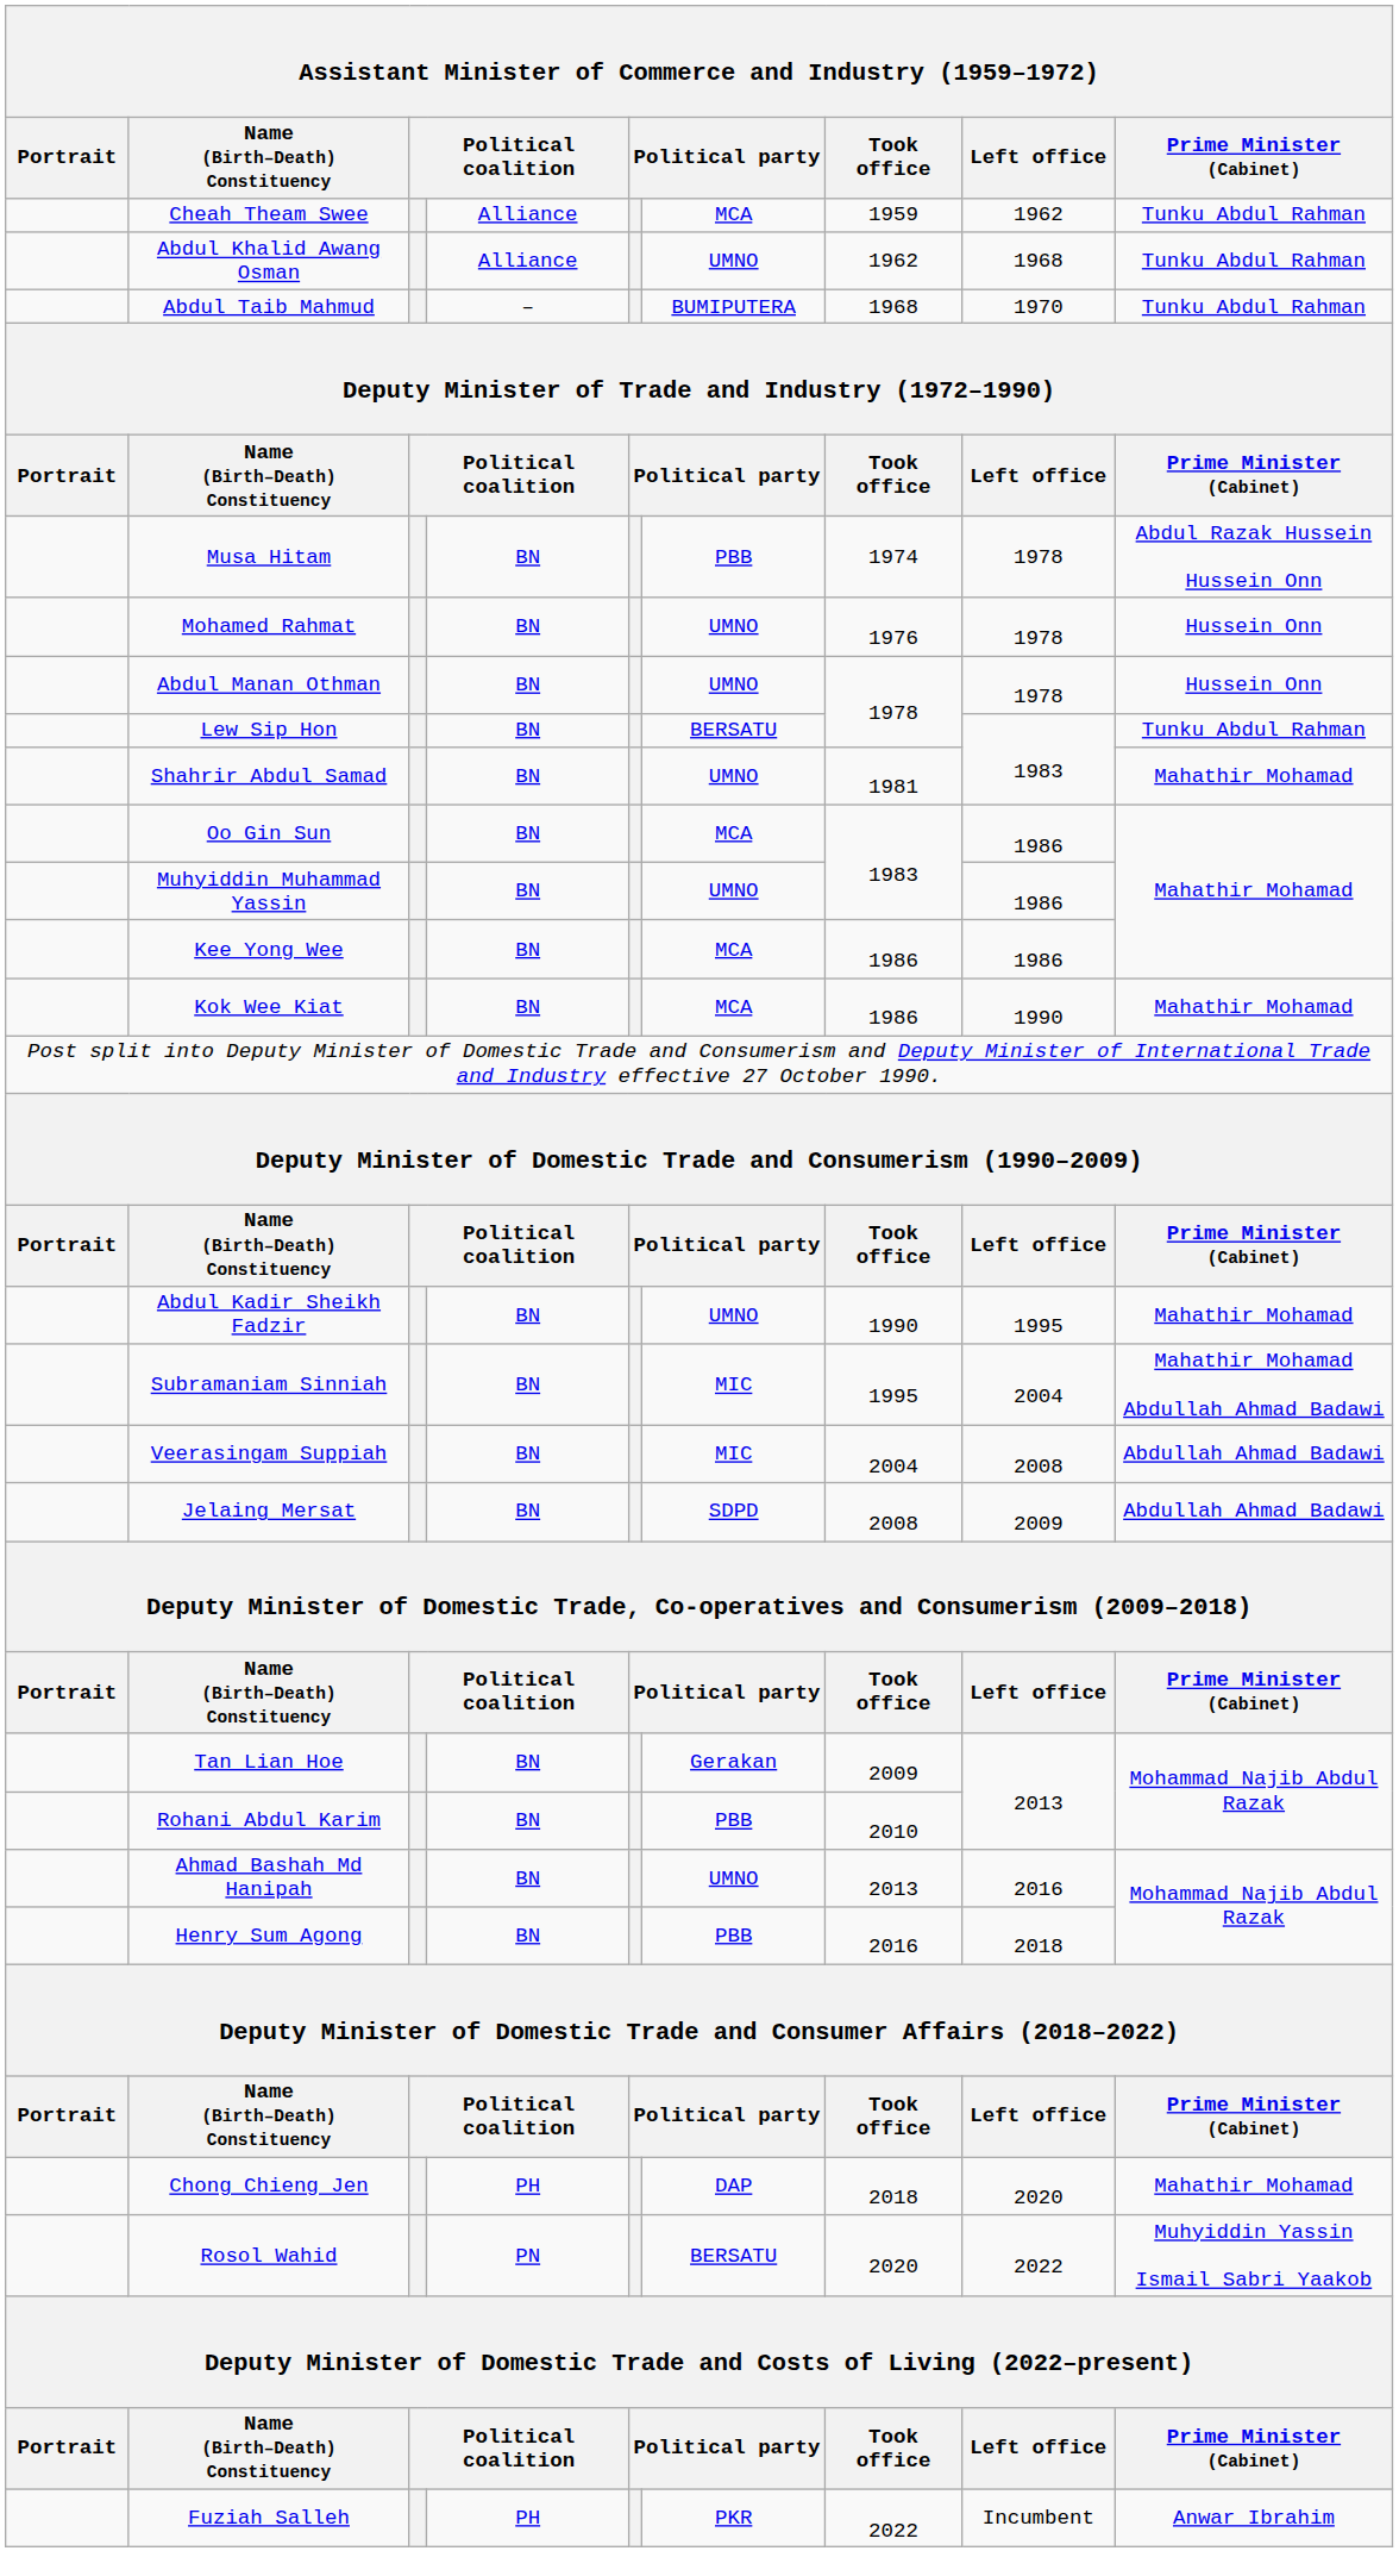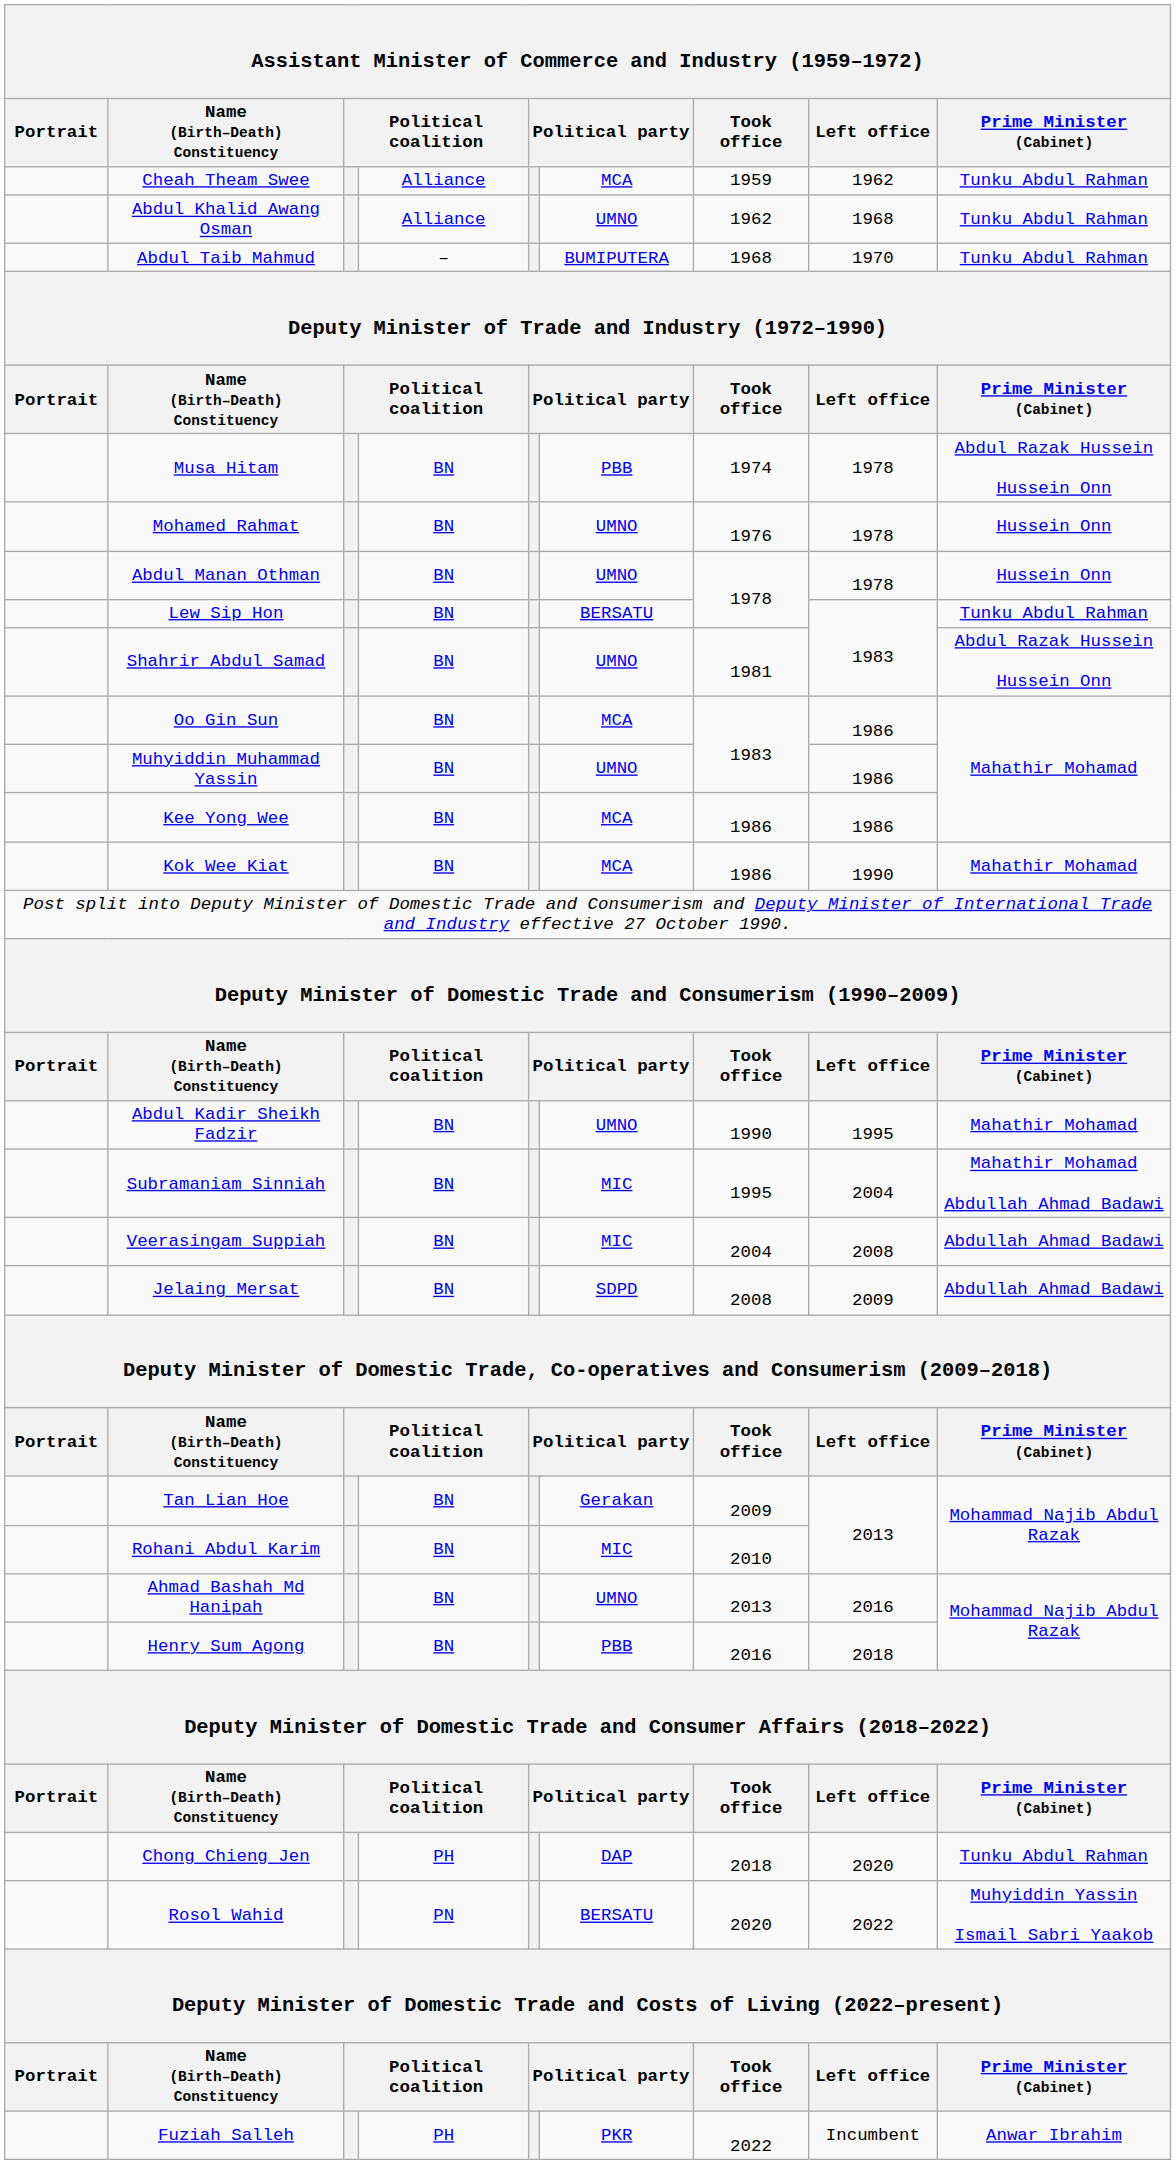 <table class="wikitable" style="text-align:center;">
 <tr>
 <th colspan="9"><br><h3>Assistant Minister of Commerce and Industry (1959–1972)</h3></th>
 </tr>
 <tr>
 <th>Portrait</th>
 <th>Name<br><small>(Birth–Death)<br>Constituency</small></th>
 <th colspan="2">Political coalition</th>
 <th colspan="2">Political party</th>
 <th>Took office</th>
 <th>Left office</th>
 <th><a href='#'>Prime Minister</a><br><small>(Cabinet)</small></th>
 </tr>
 <tr>
 <td></td>
 <td><a href='#'>Cheah Theam Swee</a><br></td>
 <th style="background:"></th>
 <td><a href='#'>Alliance</a></td>
 <th style="background:"></th>
 <td><a href='#'>MCA</a></td>
 <td>1959</td>
 <td>1962</td>
 <td><a href='#'>Tunku Abdul Rahman</a><br></td>
 </tr>
 <tr>
 <td></td>
 <td><a href='#'>Abdul Khalid Awang Osman</a><br></td>
 <th style="background:"></th>
 <td><a href='#'>Alliance</a></td>
 <th style="background:"></th>
 <td><a href='#'>UMNO</a></td>
 <td>1962</td>
 <td>1968</td>
 <td><a href='#'>Tunku Abdul Rahman</a><br></td>
 </tr>
 <tr>
 <td></td>
 <td><a href='#'>Abdul Taib Mahmud</a><br></td>
 <th style="background:"></th>
 <td>–</td>
 <th style="background:"></th>
 <td><a href='#'>BUMIPUTERA</a></td>
 <td>1968</td>
 <td>1970</td>
 <td><a href='#'>Tunku Abdul Rahman</a><br></td>
 </tr>
 <tr>
 <th colspan="9"><br><h3>Deputy Minister of Trade and Industry (1972–1990)</h3></th>
 </tr>
 <tr>
 <th>Portrait</th>
 <th>Name<br><small>(Birth–Death)<br>Constituency</small></th>
 <th colspan="2">Political coalition</th>
 <th colspan="2">Political party</th>
 <th>Took office</th>
 <th>Left office</th>
 <th><a href='#'>Prime Minister</a><br><small>(Cabinet)</small></th>
 </tr>
 <tr>
 <td></td>
 <td><a href='#'>Musa Hitam</a><br></td>
 <th style="background:"></th>
 <td><a href='#'>BN</a></td>
 <th style="background:"></th>
 <td><a href='#'>PBB</a></td>
 <td>1974</td>
 <td>1978</td>
 <td><a href='#'>Abdul Razak Hussein</a><br><br><a href='#'>Hussein Onn</a><br></td>
 </tr>
 <tr>
 <td></td>
 <td><a href='#'>Mohamed Rahmat</a><br></td>
 <th style="background:"></th>
 <td><a href='#'>BN</a></td>
 <th style="background:"></th>
 <td><a href='#'>UMNO</a></td>
 <td><br>1976</td>
 <td><br>1978</td>
 <td><a href='#'>Hussein Onn</a><br></td>
 </tr>
 <tr>
 <td></td>
 <td><a href='#'>Abdul Manan Othman</a><br></td>
 <th style="background:"></th>
 <td><a href='#'>BN</a></td>
 <th style="background:"></th>
 <td><a href='#'>UMNO</a></td>
 <td rowspan="2"><br>1978</td>
 <td><br>1978</td>
 <td><a href='#'>Hussein Onn</a><br></td>
 </tr>
 <tr>
 <td></td>
 <td><a href='#'>Lew Sip Hon</a><br></td>
 <th style="background:"></th>
 <td><a href='#'>BN</a></td>
 <th style="background:"></th>
 <td><a href='#'>BERSATU</a></td>
 <td rowspan="2"><br>1983</td>
 <td><a href='#'>Tunku Abdul Rahman</a><br></td>
 </tr>
 <tr>
 <td></td>
 <td><a href='#'>Shahrir Abdul Samad</a><br></td>
 <th style="background:"></th>
 <td><a href='#'>BN</a></td>
 <th style="background:"></th>
 <td><a href='#'>UMNO</a></td>
 <td><br>1981</td>
-<td><a href='#'>Mahathir Mohamad</a><br></td>
+<td><a href='#'>Abdul Razak Hussein</a><br><br><a href='#'>Hussein Onn</a><br></td>
 </tr>
 <tr>
 <td></td>
 <td><a href='#'>Oo Gin Sun</a><br></td>
 <th style="background:"></th>
 <td><a href='#'>BN</a></td>
 <th style="background:"></th>
 <td><a href='#'>MCA</a></td>
 <td rowspan="2"><br>1983</td>
 <td><br>1986</td>
 <td rowspan="3"><a href='#'>Mahathir Mohamad</a><br></td>
 </tr>
 <tr>
 <td></td>
 <td><a href='#'>Muhyiddin Muhammad Yassin</a><br></td>
 <th style="background:"></th>
 <td><a href='#'>BN</a></td>
 <th style="background:"></th>
 <td><a href='#'>UMNO</a></td>
 <td><br>1986</td>
 </tr>
 <tr>
 <td></td>
 <td><a href='#'>Kee Yong Wee</a><br></td>
 <th style="background:"></th>
 <td><a href='#'>BN</a></td>
 <th style="background:"></th>
 <td><a href='#'>MCA</a></td>
 <td><br>1986</td>
 <td><br>1986</td>
 </tr>
 <tr>
 <td></td>
 <td><a href='#'>Kok Wee Kiat</a><br></td>
 <th style="background:"></th>
 <td><a href='#'>BN</a></td>
 <th style="background:"></th>
 <td><a href='#'>MCA</a></td>
 <td><br>1986</td>
 <td><br>1990</td>
 <td><a href='#'>Mahathir Mohamad</a><br></td>
 </tr>
 <tr>
 <td colspan="9"><em>Post split into Deputy Minister of Domestic Trade and Consumerism and <a href='#'>Deputy Minister of International Trade and Industry</a> effective 27 October 1990.</em></td>
 </tr>
 <tr>
 <th colspan="9"><br><h3>Deputy Minister of Domestic Trade and Consumerism (1990–2009)</h3></th>
 </tr>
 <tr>
 <th>Portrait</th>
 <th>Name<br><small>(Birth–Death)<br>Constituency</small></th>
 <th colspan="2">Political coalition</th>
 <th colspan="2">Political party</th>
 <th>Took office</th>
 <th>Left office</th>
 <th><a href='#'>Prime Minister</a><br><small>(Cabinet)</small></th>
 </tr>
 <tr>
 <td></td>
 <td><a href='#'>Abdul Kadir Sheikh Fadzir</a><br></td>
 <th style="background:"></th>
 <td><a href='#'>BN</a></td>
 <th style="background:"></th>
 <td><a href='#'>UMNO</a></td>
 <td><br>1990</td>
 <td><br>1995</td>
 <td><a href='#'>Mahathir Mohamad</a><br></td>
 </tr>
 <tr>
 <td></td>
 <td><a href='#'>Subramaniam Sinniah</a><br></td>
 <th style="background:"></th>
 <td><a href='#'>BN</a></td>
 <th style="background:"></th>
 <td><a href='#'>MIC</a></td>
 <td><br>1995</td>
 <td><br>2004</td>
 <td><a href='#'>Mahathir Mohamad</a><br><br><a href='#'>Abdullah Ahmad Badawi</a><br></td>
 </tr>
 <tr>
 <td></td>
 <td><a href='#'>Veerasingam Suppiah</a><br></td>
 <th style="background:"></th>
 <td><a href='#'>BN</a></td>
 <th style="background:"></th>
 <td><a href='#'>MIC</a></td>
 <td><br>2004</td>
 <td><br>2008</td>
 <td><a href='#'>Abdullah Ahmad Badawi</a><br></td>
 </tr>
 <tr>
 <td></td>
 <td><a href='#'>Jelaing Mersat</a><br></td>
 <th style="background:"></th>
 <td><a href='#'>BN</a></td>
 <th style="background:"></th>
 <td><a href='#'>SDPD</a></td>
 <td><br>2008</td>
 <td><br>2009</td>
 <td><a href='#'>Abdullah Ahmad Badawi</a><br></td>
 </tr>
 <tr>
 <th colspan="9"><br><h3>Deputy Minister of Domestic Trade, Co-operatives and Consumerism (2009–2018)</h3></th>
 </tr>
 <tr>
 <th>Portrait</th>
 <th>Name<br><small>(Birth–Death)<br>Constituency</small></th>
 <th colspan="2">Political coalition</th>
 <th colspan="2">Political party</th>
 <th>Took office</th>
 <th>Left office</th>
 <th><a href='#'>Prime Minister</a><br><small>(Cabinet)</small></th>
 </tr>
 <tr>
 <td></td>
 <td><a href='#'>Tan Lian Hoe</a><br></td>
 <th style="background:"></th>
 <td><a href='#'>BN</a></td>
 <th style="background:"></th>
 <td><a href='#'>Gerakan</a></td>
 <td><br>2009</td>
 <td rowspan="2"><br>2013</td>
 <td rowspan="2"><a href='#'>Mohammad Najib Abdul Razak</a><br></td>
 </tr>
 <tr>
 <td></td>
 <td><a href='#'>Rohani Abdul Karim</a><br></td>
 <th style="background:"></th>
 <td><a href='#'>BN</a></td>
 <th style="background:"></th>
-<td><a href='#'>PBB</a></td>
+<td><a href='#'>MIC</a></td>
 <td><br>2010</td>
 </tr>
 <tr>
 <td></td>
 <td><a href='#'>Ahmad Bashah Md Hanipah</a><br></td>
 <th style="background:"></th>
 <td><a href='#'>BN</a></td>
 <th style="background:"></th>
 <td><a href='#'>UMNO</a></td>
 <td><br>2013</td>
 <td><br>2016</td>
 <td rowspan="2"><a href='#'>Mohammad Najib Abdul Razak</a><br></td>
 </tr>
 <tr>
 <td></td>
 <td><a href='#'>Henry Sum Agong</a><br></td>
 <th style="background:"></th>
 <td><a href='#'>BN</a></td>
 <th style="background:"></th>
 <td><a href='#'>PBB</a></td>
 <td><br>2016</td>
 <td><br>2018</td>
 </tr>
 <tr>
 <th colspan="9"><br><h3>Deputy Minister of Domestic Trade and Consumer Affairs (2018–2022)</h3></th>
 </tr>
 <tr>
 <th>Portrait</th>
 <th>Name<br><small>(Birth–Death)<br>Constituency</small></th>
 <th colspan="2">Political coalition</th>
 <th colspan="2">Political party</th>
 <th>Took office</th>
 <th>Left office</th>
 <th><a href='#'>Prime Minister</a><br><small>(Cabinet)</small></th>
 </tr>
 <tr>
 <td></td>
 <td><a href='#'>Chong Chieng Jen</a><br></td>
 <th style="background:"></th>
 <td><a href='#'>PH</a></td>
 <th style="background:"></th>
 <td><a href='#'>DAP</a></td>
 <td><br>2018</td>
 <td><br>2020</td>
-<td><a href='#'>Mahathir Mohamad</a><br></td>
+<td><a href='#'>Tunku Abdul Rahman</a><br></td>
 </tr>
 <tr>
 <td></td>
 <td><a href='#'>Rosol Wahid</a><br></td>
 <th style="background:"></th>
 <td><a href='#'>PN</a></td>
 <th style="background:"></th>
 <td><a href='#'>BERSATU</a></td>
 <td><br>2020</td>
 <td><br>2022</td>
 <td><a href='#'>Muhyiddin Yassin</a><br><br><a href='#'>Ismail Sabri Yaakob</a><br></td>
 </tr>
 <tr>
 <th colspan="9"><br><h3>Deputy Minister of Domestic Trade and Costs of Living (2022–present)</h3></th>
 </tr>
 <tr>
 <th>Portrait</th>
 <th>Name<br><small>(Birth–Death)<br>Constituency</small></th>
 <th colspan="2">Political coalition</th>
 <th colspan="2">Political party</th>
 <th>Took office</th>
 <th>Left office</th>
 <th><a href='#'>Prime Minister</a><br><small>(Cabinet)</small></th>
 </tr>
 <tr>
 <td></td>
 <td><a href='#'>Fuziah Salleh</a><br></td>
 <th style="background:"></th>
 <td><a href='#'>PH</a></td>
 <th style="background:"></th>
 <td><a href='#'>PKR</a></td>
 <td><br>2022</td>
 <td>Incumbent</td>
 <td><a href='#'>Anwar Ibrahim</a><br></td>
 </tr>
 </table>
